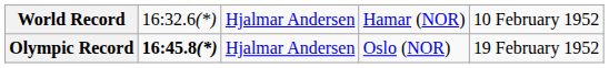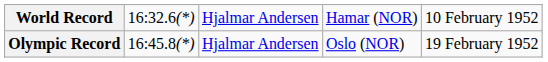 <table class="wikitable" style="font-size:95%;">
 <tr>
 <th>World Record</th>
 <td>16:32.6<em>(*)</em></td>
 <td> <a href='#'>Hjalmar Andersen</a></td>
 <td><a href='#'>Hamar</a> (<a href='#'>NOR</a>)</td>
 <td>10 February 1952</td>
 </tr>
 <tr>
 <th>Olympic Record</th>
-<td><strong>16:45.8<em>(*)</em></strong></td>
+<td>16:45.8<em>(*)</em></td>
 <td> <a href='#'>Hjalmar Andersen</a></td>
 <td><a href='#'>Oslo</a> (<a href='#'>NOR</a>)</td>
 <td>19 February 1952</td>
 </tr>
 </table>
